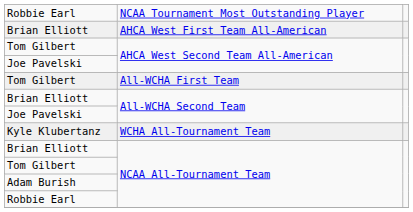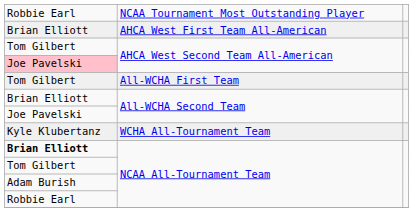 <table class="wikitable" width=40%>
 <tr>
 <td>Robbie Earl</td>
 <td rowspan=1><a href='#'>NCAA Tournament Most Outstanding Player</a></td>
 <td rowspan=1></td>
 </tr>
 <tr bgcolor=f0f0f0>
 <td>Brian Elliott</td>
 <td rowspan=1><a href='#'>AHCA West First Team All-American</a></td>
 <td rowspan=1></td>
 </tr>
 <tr>
 <td>Tom Gilbert</td>
 <td rowspan=2><a href='#'>AHCA West Second Team All-American</a></td>
 <td rowspan=2></td>
 </tr>
 <tr>
-<td>Joe Pavelski</td>
+<td style="background: pink;">Joe Pavelski</td>
 </tr>
 <tr bgcolor=f0f0f0>
 <td>Tom Gilbert</td>
 <td rowspan=1><a href='#'>All-WCHA First Team</a></td>
 <td rowspan=1></td>
 </tr>
 <tr>
 <td>Brian Elliott</td>
 <td rowspan=2><a href='#'>All-WCHA Second Team</a></td>
 <td rowspan=2></td>
 </tr>
 <tr>
 <td>Joe Pavelski</td>
 </tr>
 <tr bgcolor=f0f0f0>
 <td>Kyle Klubertanz</td>
 <td rowspan=1><a href='#'>WCHA All-Tournament Team</a></td>
 <td rowspan=1></td>
 </tr>
 <tr>
-<td>Brian Elliott</td>
+<td><strong>Brian Elliott</strong></td>
 <td rowspan=4><a href='#'>NCAA All-Tournament Team</a></td>
 <td rowspan=4></td>
 </tr>
 <tr>
 <td>Tom Gilbert</td>
 </tr>
 <tr>
 <td>Adam Burish</td>
 </tr>
 <tr>
 <td>Robbie Earl</td>
 </tr>
 <tr>
 </tr>
 </table>
